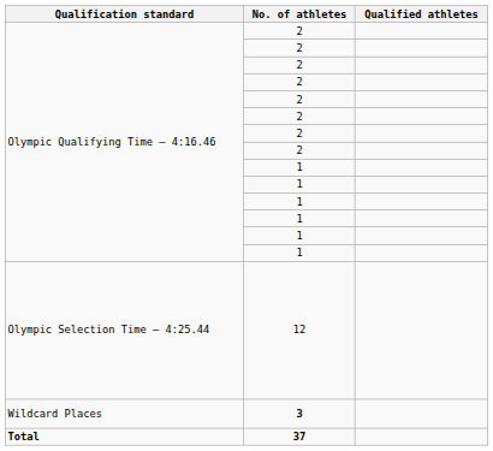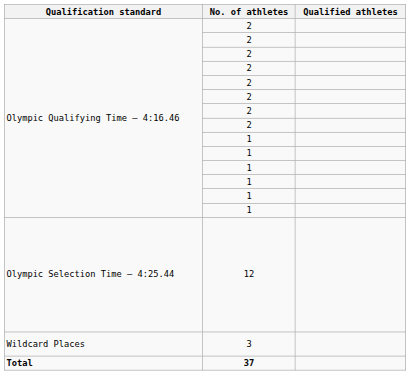 <table class=wikitable style="text-align:left" width=600>
 <tr>
 <th>Qualification standard</th>
 <th>No. of athletes</th>
 <th>Qualified athletes</th>
 </tr>
 <tr>
 <td rowspan="14">Olympic Qualifying Time – 4:16.46</td>
 <td align=center>2</td>
 <td><br></td>
 </tr>
 <tr>
 <td align=center>2</td>
 <td><br></td>
 </tr>
 <tr>
 <td align=center>2</td>
 <td><br></td>
 </tr>
 <tr>
 <td align=center>2</td>
 <td><br></td>
 </tr>
 <tr>
 <td align=center>2</td>
 <td><br></td>
 </tr>
 <tr>
 <td align=center>2</td>
 <td><br></td>
 </tr>
 <tr>
 <td align=center>2</td>
 <td><br></td>
 </tr>
 <tr>
 <td align=center>2</td>
 <td><br></td>
 </tr>
 <tr>
 <td align=center>1</td>
 <td></td>
 </tr>
 <tr>
 <td align=center>1</td>
 <td></td>
 </tr>
 <tr>
 <td align=center>1</td>
 <td></td>
 </tr>
 <tr>
 <td align=center>1</td>
 <td></td>
 </tr>
 <tr>
 <td align=center>1</td>
 <td></td>
 </tr>
 <tr>
 <td align=center>1</td>
 <td></td>
 </tr>
 <tr>
 <td rowspan="1">Olympic Selection Time – 4:25.44</td>
 <td align=center>12</td>
 <td> <br>  <br> <br><br> <br> <br> <br> <br> <br><br> <br></td>
 </tr>
 <tr>
 <td rowspan="1">Wildcard Places</td>
-<td align=center><strong>3</strong></td>
+<td align=center>3</td>
 <td><br><br></td>
 </tr>
 <tr>
 <td><strong>Total</strong></td>
 <td align=center><strong>37</strong></td>
 <td></td>
 </tr>
 </table>
